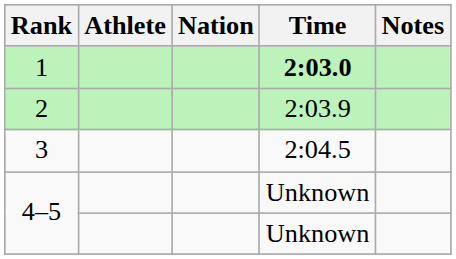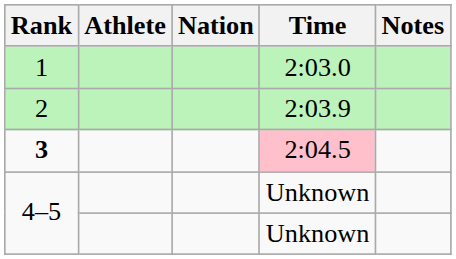 <table class="wikitable sortable" style="text-align:center">
 <tr>
 <th>Rank</th>
 <th>Athlete</th>
 <th>Nation</th>
 <th>Time</th>
 <th>Notes</th>
 </tr>
 <tr style="background:#bbf3bb;">
 <td>1</td>
 <td align=left></td>
 <td align=left></td>
-<td><strong>2:03.0</strong></td>
+<td>2:03.0</td>
 <td></td>
 </tr>
 <tr style="background:#bbf3bb;">
 <td>2</td>
 <td align=left></td>
 <td align=left></td>
 <td>2:03.9</td>
 <td></td>
 </tr>
 <tr>
-<td>3</td>
+<td><strong>3</strong></td>
 <td align=left></td>
 <td align=left></td>
-<td>2:04.5</td>
+<td style="background: pink;">2:04.5</td>
 <td></td>
 </tr>
 <tr>
 <td rowspan=2>4–5</td>
 <td align=left></td>
 <td align=left></td>
 <td data-sort-value=5:00.0>Unknown</td>
 <td></td>
 </tr>
 <tr>
 <td align=left></td>
 <td align=left></td>
 <td data-sort-value=5:00.0>Unknown</td>
 <td></td>
 </tr>
 </table>
